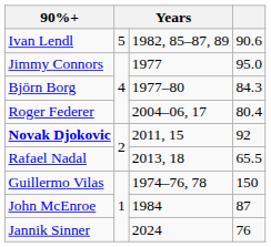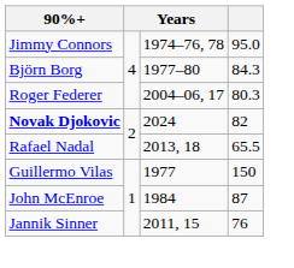 <table class="wikitable" style="display:inline-table;">
 <tr>
 <th>90%+</th>
 <th colspan="2">Years</th>
 <th></th>
 </tr>
 <tr>
-<td> <a href='#'>Ivan Lendl</a></td>
-<td>5</td>
-<td>1982, 85–87, 89</td>
-<td>90.6</td>
-</tr>
-<tr>
 <td> <a href='#'>Jimmy Connors</a></td>
 <td rowspan="3">4</td>
-<td>1977</td>
+<td>1974–76, 78</td>
 <td>95.0</td>
 </tr>
 <tr>
 <td> <a href='#'>Björn Borg</a></td>
 <td>1977–80</td>
 <td>84.3</td>
 </tr>
 <tr>
 <td> <a href='#'>Roger Federer</a></td>
 <td>2004–06, 17</td>
-<td>80.4</td>
+<td>80.3</td>
 </tr>
 <tr>
 <td><strong> <a href='#'>Novak Djokovic</a></strong></td>
 <td rowspan="2">2</td>
-<td>2011, 15</td>
-<td>92</td>
+<td>2024</td>
+<td>82</td>
 </tr>
 <tr>
 <td> <a href='#'>Rafael Nadal</a></td>
 <td>2013, 18</td>
 <td>65.5</td>
 </tr>
 <tr>
 <td> <a href='#'>Guillermo Vilas</a></td>
 <td rowspan="3">1</td>
-<td>1974–76, 78</td>
+<td>1977</td>
 <td>150</td>
 </tr>
 <tr>
 <td> <a href='#'>John McEnroe</a></td>
 <td>1984</td>
 <td>87</td>
 </tr>
 <tr>
 <td> <a href='#'>Jannik Sinner</a></td>
-<td>2024</td>
+<td>2011, 15</td>
 <td>76</td>
 </tr>
 </table>
